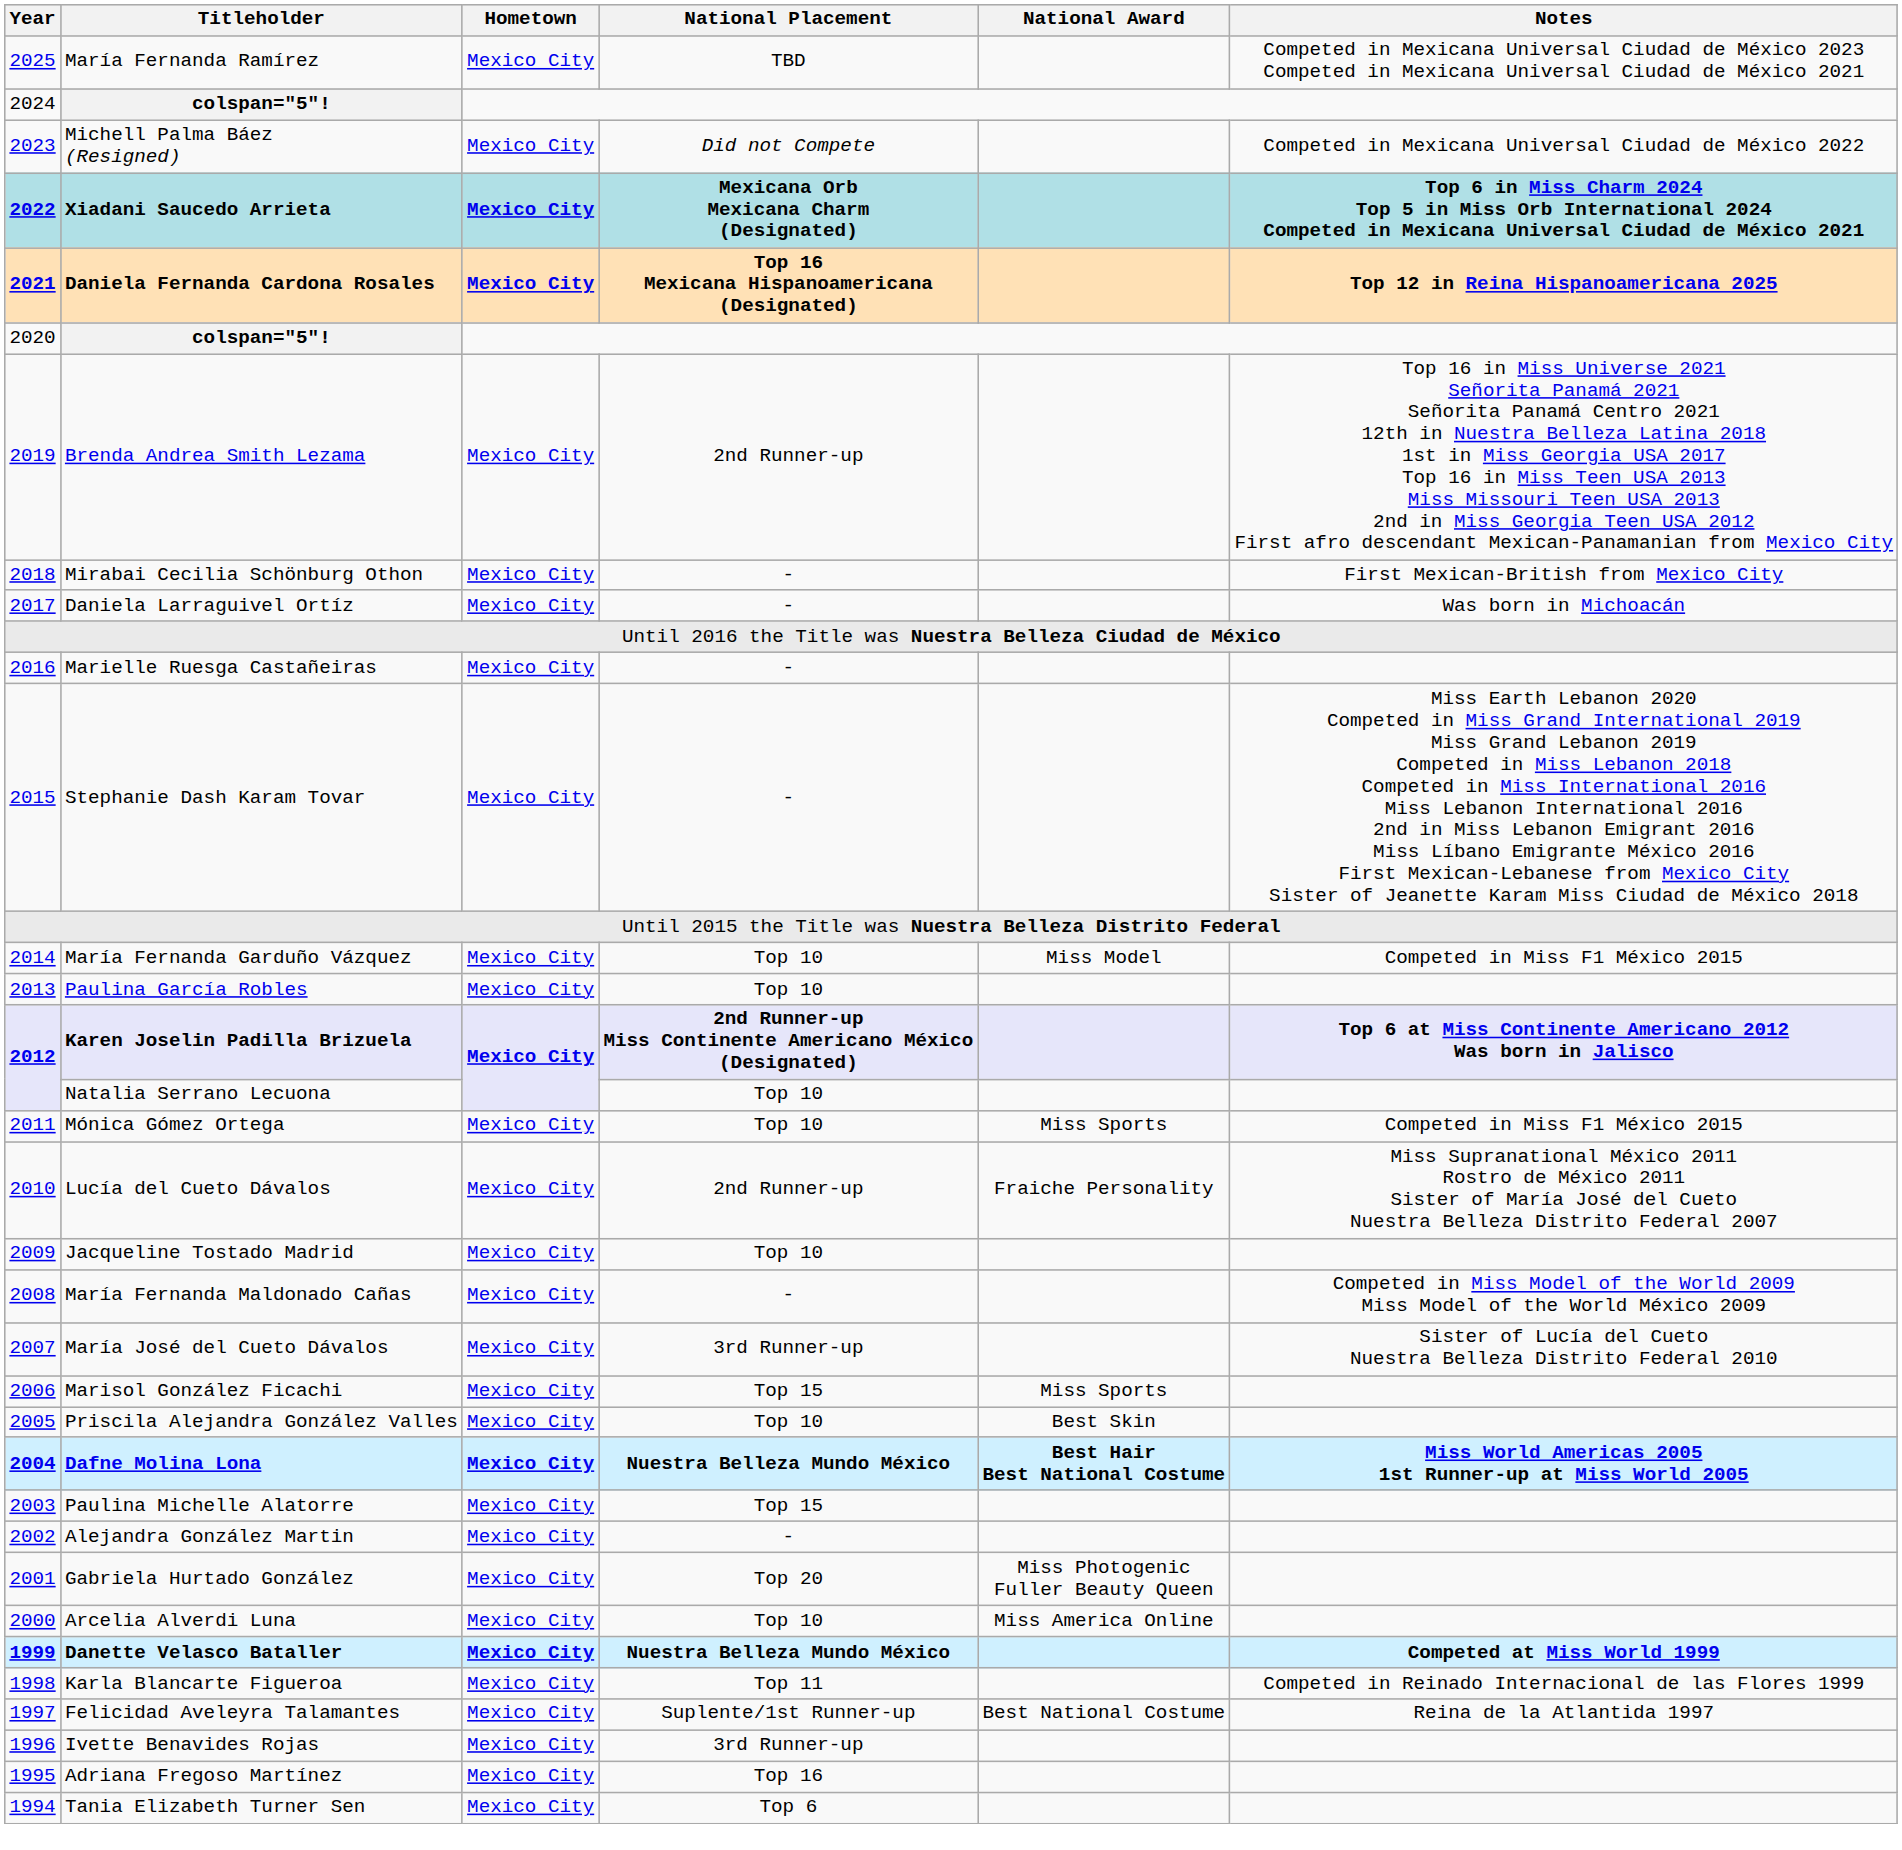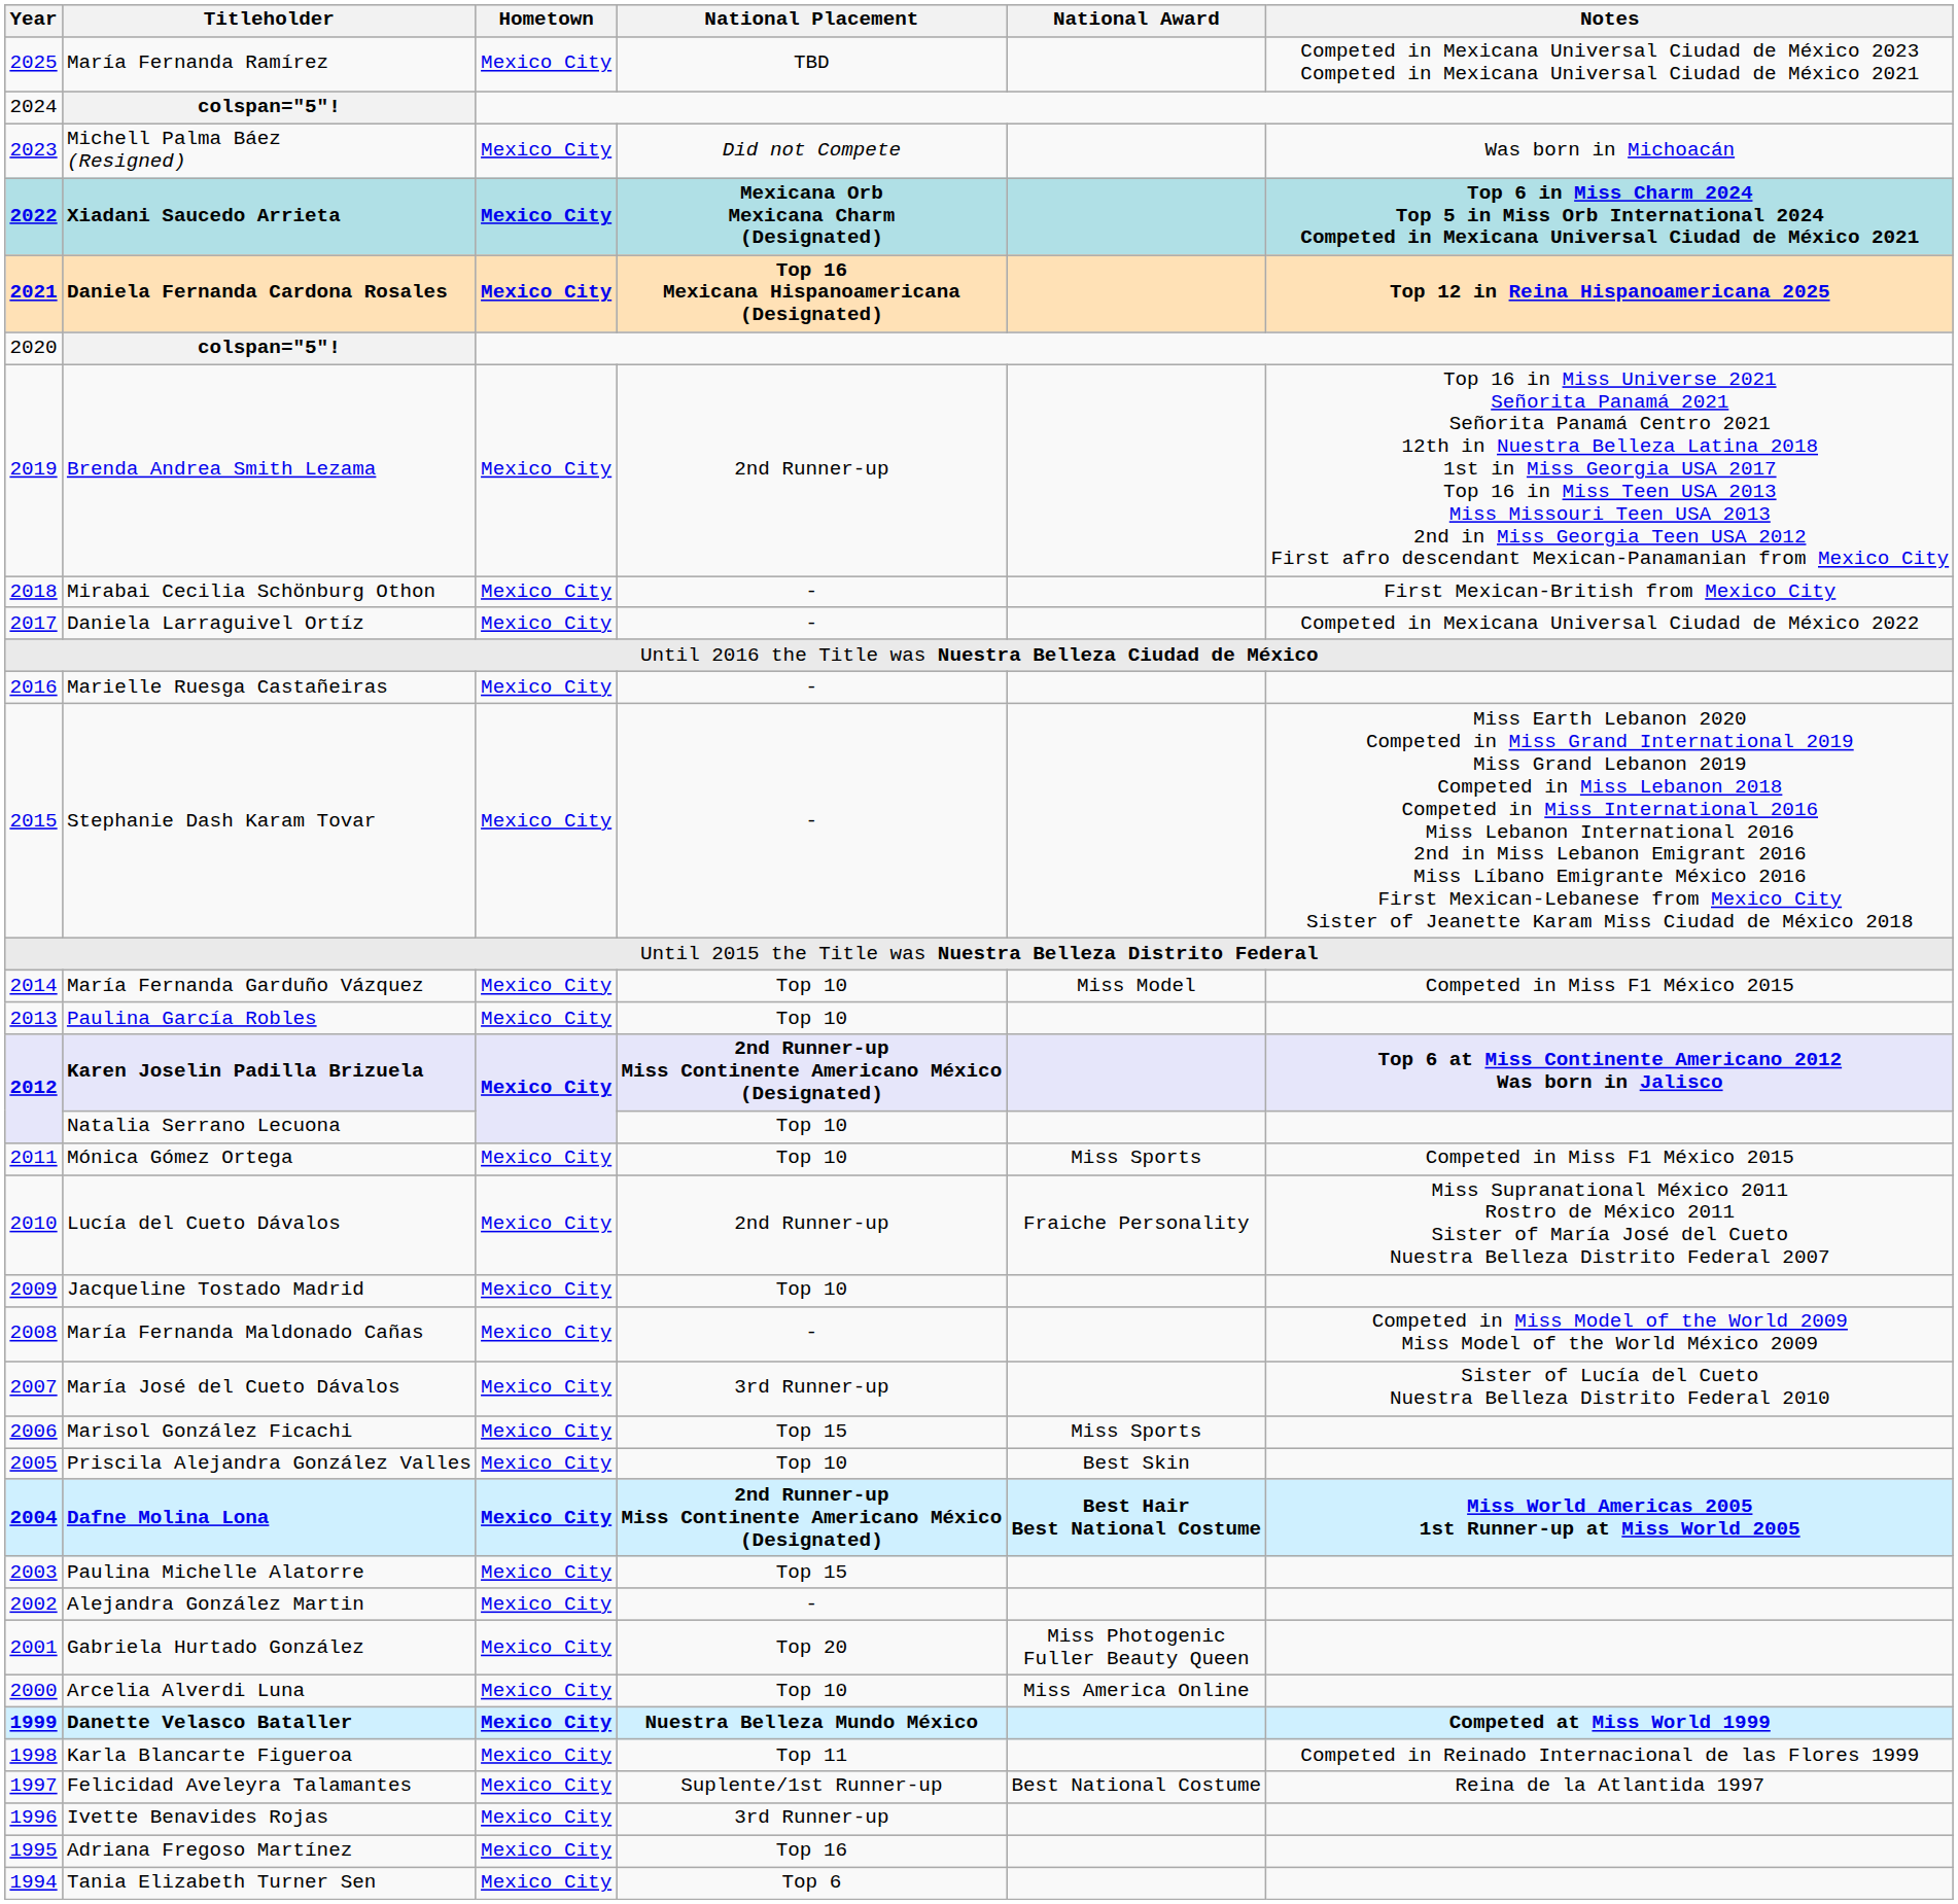 <table class="wikitable sortable" style="font-size:95%;">
 <tr>
 <th>Year</th>
 <th>Titleholder</th>
 <th>Hometown</th>
 <th>National Placement</th>
 <th>National Award</th>
 <th>Notes</th>
 </tr>
 <tr>
 <td align="center"><a href='#'>2025</a></td>
 <td>María Fernanda Ramírez</td>
 <td align="center"><a href='#'>Mexico City</a></td>
 <td align="center">TBD</td>
 <td align="center"></td>
 <td align="center">Competed in Mexicana Universal Ciudad de México 2023<br>Competed in Mexicana Universal Ciudad de México 2021</td>
 </tr>
 <tr>
 <td align="center">2024</td>
 <th>colspan="5"!</th>
 </tr>
 <tr>
 <td align="center"><a href='#'>2023</a></td>
 <td>Michell Palma Báez<br><em>(Resigned)</em></td>
 <td align="center"><a href='#'>Mexico City</a></td>
 <td align="center"><em>Did not Compete</em></td>
 <td align="center"></td>
-<td align="center">Competed in Mexicana Universal Ciudad de México 2022</td>
+<td align="center">Was born in <a href='#'>Michoacán</a></td>
 </tr>
 <tr bgcolor="B0E0E6">
 <td align="center"><strong><a href='#'>2022</a></strong></td>
 <td><strong>Xiadani Saucedo Arrieta</strong></td>
 <td align="center"><strong><a href='#'>Mexico City</a></strong></td>
 <td align="center"><strong>Mexicana Orb<br>Mexicana Charm<br>(Designated)</strong></td>
 <td align="center"></td>
 <td align="center"><strong>Top 6 in <a href='#'>Miss Charm 2024</a><br>Top 5 in Miss Orb International 2024<br>Competed in Mexicana Universal Ciudad de México 2021</strong></td>
 </tr>
 <tr bgcolor="#FFE1B6">
 <td align="center"><strong><a href='#'>2021</a></strong></td>
 <td><strong>Daniela Fernanda Cardona Rosales</strong></td>
 <td align="center"><strong><a href='#'>Mexico City</a></strong></td>
 <td align="center"><strong>Top 16<br>Mexicana Hispanoamericana<br>(Designated)</strong></td>
 <td align="center"></td>
 <td align="center"><strong>Top 12 in <a href='#'>Reina Hispanoamericana 2025</a></strong></td>
 </tr>
 <tr>
 <td align="center">2020</td>
 <th>colspan="5"!</th>
 </tr>
 <tr>
 <td align="center"><a href='#'>2019</a></td>
 <td><a href='#'>Brenda Andrea Smith Lezama</a></td>
 <td align="center"><a href='#'>Mexico City</a></td>
 <td align="center">2nd Runner-up</td>
 <td align="center"></td>
 <td align="center">Top 16 in <a href='#'>Miss Universe 2021</a><br><a href='#'>Señorita Panamá 2021</a><br>Señorita Panamá Centro 2021<br>12th in <a href='#'>Nuestra Belleza Latina 2018</a><br>1st in <a href='#'>Miss Georgia USA 2017</a><br>Top 16 in <a href='#'>Miss Teen USA 2013</a><br><a href='#'>Miss Missouri Teen USA 2013</a><br>2nd in <a href='#'>Miss Georgia Teen USA 2012</a><br>First afro descendant Mexican-Panamanian from <a href='#'>Mexico City</a></td>
 </tr>
 <tr>
 <td align="center"><a href='#'>2018</a></td>
 <td>Mirabai Cecilia Schönburg Othon</td>
 <td align="center"><a href='#'>Mexico City</a></td>
 <td align="center">-</td>
 <td align="center"></td>
 <td align="center">First Mexican-British from <a href='#'>Mexico City</a></td>
 </tr>
 <tr>
 <td align="center"><a href='#'>2017</a></td>
 <td>Daniela Larraguivel Ortíz</td>
 <td align="center"><a href='#'>Mexico City</a></td>
 <td align="center">-</td>
 <td align="center"></td>
-<td align="center">Was born in <a href='#'>Michoacán</a></td>
+<td align="center">Competed in Mexicana Universal Ciudad de México 2022</td>
 </tr>
 <tr>
 <td colspan="6" bgcolor="#EAEAEA" style="text-align:center;">Until 2016 the Title was <strong>Nuestra Belleza Ciudad de México</strong></td>
 </tr>
 <tr>
 <td align="center"><a href='#'>2016</a></td>
 <td>Marielle Ruesga Castañeiras</td>
 <td align="center"><a href='#'>Mexico City</a></td>
 <td align="center">-</td>
 <td align="center"></td>
 <td align="center"></td>
 </tr>
 <tr>
 <td align="center"><a href='#'>2015</a></td>
 <td>Stephanie Dash Karam Tovar</td>
 <td align="center"><a href='#'>Mexico City</a></td>
 <td align="center">-</td>
 <td align="center"></td>
 <td align="center">Miss Earth Lebanon 2020<br>Competed in <a href='#'>Miss Grand International 2019</a><br>Miss Grand Lebanon 2019<br>Competed in <a href='#'>Miss Lebanon 2018</a><br>Competed in <a href='#'>Miss International 2016</a><br>Miss Lebanon International 2016<br>2nd in Miss Lebanon Emigrant 2016<br>Miss Líbano Emigrante México 2016<br>First Mexican-Lebanese from <a href='#'>Mexico City</a><br>Sister of Jeanette Karam Miss Ciudad de México 2018</td>
 </tr>
 <tr>
 <td colspan="6" bgcolor="#EAEAEA" style="text-align:center;">Until 2015 the Title was <strong>Nuestra Belleza Distrito Federal</strong></td>
 </tr>
 <tr>
 <td align="center"><a href='#'>2014</a></td>
 <td>María Fernanda Garduño Vázquez</td>
 <td align="center"><a href='#'>Mexico City</a></td>
 <td align="center">Top 10</td>
 <td align="center">Miss Model</td>
 <td align="center">Competed in Miss F1 México 2015</td>
 </tr>
 <tr>
 <td align="center"><a href='#'>2013</a></td>
 <td><a href='#'>Paulina García Robles</a></td>
 <td align="center"><a href='#'>Mexico City</a></td>
 <td align="center">Top 10</td>
 <td align="center"></td>
 <td align="center"></td>
 </tr>
 <tr style="background-color:#E6E6FA">
 <td rowspan=2 align="center"><strong><a href='#'>2012</a></strong></td>
 <td><strong>Karen Joselin Padilla Brizuela</strong></td>
 <td rowspan=2 align="center"><strong><a href='#'>Mexico City</a></strong></td>
 <td align="center"><strong>2nd Runner-up<br>Miss Continente Americano México<br>(Designated)</strong></td>
 <td align="center"></td>
 <td align="center"><strong>Top 6 at <a href='#'>Miss Continente Americano 2012</a><br>Was born in <a href='#'>Jalisco</a></strong></td>
 </tr>
 <tr>
 <td>Natalia Serrano Lecuona</td>
 <td align="center">Top 10</td>
 <td align="center"></td>
 <td align="center"></td>
 </tr>
 <tr>
 <td align="center"><a href='#'>2011</a></td>
 <td>Mónica Gómez Ortega</td>
 <td align="center"><a href='#'>Mexico City</a></td>
 <td align="center">Top 10</td>
 <td align="center">Miss Sports</td>
 <td align="center">Competed in Miss F1 México 2015</td>
 </tr>
 <tr>
 <td align="center"><a href='#'>2010</a></td>
 <td>Lucía del Cueto Dávalos</td>
 <td align="center"><a href='#'>Mexico City</a></td>
 <td align="center">2nd Runner-up</td>
 <td align="center">Fraiche Personality</td>
 <td align="center">Miss Supranational México 2011<br>Rostro de México 2011<br>Sister of María José del Cueto<br>Nuestra Belleza Distrito Federal 2007</td>
 </tr>
 <tr>
 <td align="center"><a href='#'>2009</a></td>
 <td>Jacqueline Tostado Madrid</td>
 <td align="center"><a href='#'>Mexico City</a></td>
 <td align="center">Top 10</td>
 <td align="center"></td>
 <td align="center"></td>
 </tr>
 <tr>
 <td align="center"><a href='#'>2008</a></td>
 <td>María Fernanda Maldonado Cañas</td>
 <td align="center"><a href='#'>Mexico City</a></td>
 <td align="center">-</td>
 <td align="center"></td>
 <td align="center">Competed in <a href='#'>Miss Model of the World 2009</a><br>Miss Model of the World México 2009</td>
 </tr>
 <tr>
 <td align="center"><a href='#'>2007</a></td>
 <td>María José del Cueto Dávalos</td>
 <td align="center"><a href='#'>Mexico City</a></td>
 <td align="center">3rd Runner-up</td>
 <td align="center"></td>
 <td align="center">Sister of Lucía del Cueto<br>Nuestra Belleza Distrito Federal 2010</td>
 </tr>
 <tr>
 <td align="center"><a href='#'>2006</a></td>
 <td>Marisol González Ficachi</td>
 <td align="center"><a href='#'>Mexico City</a></td>
 <td align="center">Top 15</td>
 <td align="center">Miss Sports</td>
 <td align="center"></td>
 </tr>
 <tr>
 <td align="center"><a href='#'>2005</a></td>
 <td>Priscila Alejandra González Valles</td>
 <td align="center"><a href='#'>Mexico City</a></td>
 <td align="center">Top 10</td>
 <td align="center">Best Skin</td>
 <td align="center"></td>
 </tr>
 <tr bgcolor="#CFF0FF">
 <td align="center"><strong><a href='#'>2004</a></strong></td>
 <td><strong><a href='#'>Dafne Molina Lona</a></strong></td>
 <td align="center"><strong><a href='#'>Mexico City</a></strong></td>
-<td align="center"><strong>Nuestra Belleza Mundo México</strong></td>
+<td align="center"><strong>2nd Runner-up<br>Miss Continente Americano México<br>(Designated)</strong></td>
 <td align="center"><strong>Best Hair<br>Best National Costume</strong></td>
 <td align="center"><strong><a href='#'>Miss World Americas 2005</a><br>1st Runner-up at <a href='#'>Miss World 2005</a></strong></td>
 </tr>
 <tr>
 <td align="center"><a href='#'>2003</a></td>
 <td>Paulina Michelle Alatorre</td>
 <td align="center"><a href='#'>Mexico City</a></td>
 <td align="center">Top 15</td>
 <td align="center"></td>
 <td align="center"></td>
 </tr>
 <tr>
 <td align="center"><a href='#'>2002</a></td>
 <td>Alejandra González Martin</td>
 <td align="center"><a href='#'>Mexico City</a></td>
 <td align="center">-</td>
 <td align="center"></td>
 <td align="center"></td>
 </tr>
 <tr>
 <td align="center"><a href='#'>2001</a></td>
 <td>Gabriela Hurtado González</td>
 <td align="center"><a href='#'>Mexico City</a></td>
 <td align="center">Top 20</td>
 <td align="center">Miss Photogenic<br>Fuller Beauty Queen</td>
 <td align="center"></td>
 </tr>
 <tr>
 <td align="center"><a href='#'>2000</a></td>
 <td>Arcelia Alverdi Luna</td>
 <td align="center"><a href='#'>Mexico City</a></td>
 <td align="center">Top 10</td>
 <td align="center">Miss America Online</td>
 <td align="center"></td>
 </tr>
 <tr bgcolor="#CFF0FF">
 <td align="center"><strong><a href='#'>1999</a></strong></td>
 <td><strong>Danette Velasco Bataller</strong></td>
 <td align="center"><strong><a href='#'>Mexico City</a></strong></td>
 <td align="center"><strong>Nuestra Belleza Mundo México</strong></td>
 <td align="center"></td>
 <td align="center"><strong>Competed at <a href='#'>Miss World 1999</a></strong></td>
 </tr>
 <tr>
 <td align="center"><a href='#'>1998</a></td>
 <td>Karla Blancarte Figueroa</td>
 <td align="center"><a href='#'>Mexico City</a></td>
 <td align="center">Top 11</td>
 <td align="center"></td>
 <td align="center">Competed in Reinado Internacional de las Flores 1999</td>
 </tr>
 <tr>
 <td align="center"><a href='#'>1997</a></td>
 <td>Felicidad Aveleyra Talamantes</td>
 <td align="center"><a href='#'>Mexico City</a></td>
 <td align="center">Suplente/1st Runner-up</td>
 <td align="center">Best National Costume</td>
 <td align="center">Reina de la Atlantida 1997</td>
 </tr>
 <tr>
 <td align="center"><a href='#'>1996</a></td>
 <td>Ivette Benavides Rojas</td>
 <td align="center"><a href='#'>Mexico City</a></td>
 <td align="center">3rd Runner-up</td>
 <td align="center"></td>
 <td align="center"></td>
 </tr>
 <tr>
 <td align="center"><a href='#'>1995</a></td>
 <td>Adriana Fregoso Martínez</td>
 <td align="center"><a href='#'>Mexico City</a></td>
 <td align="center">Top 16</td>
 <td align="center"></td>
 <td align="center"></td>
 </tr>
 <tr>
 <td align="center"><a href='#'>1994</a></td>
 <td>Tania Elizabeth Turner Sen</td>
 <td align="center"><a href='#'>Mexico City</a></td>
 <td align="center">Top 6</td>
 <td align="center"></td>
 <td align="center"></td>
 </tr>
 </table>
